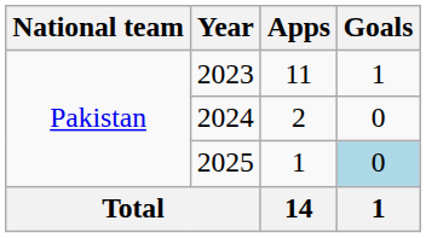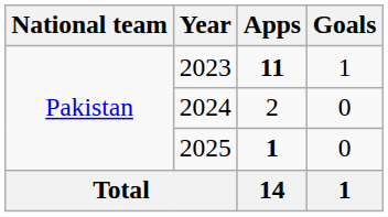 <table class="wikitable" style="text-align:center">
 <tr>
 <th>National team</th>
 <th>Year</th>
 <th>Apps</th>
 <th>Goals</th>
 </tr>
 <tr>
 <td rowspan="3"><a href='#'>Pakistan</a></td>
 <td>2023</td>
-<td>11</td>
+<td><strong>11</strong></td>
 <td>1</td>
 </tr>
 <tr>
 <td>2024</td>
 <td>2</td>
 <td>0</td>
 </tr>
 <tr>
 <td>2025</td>
-<td>1</td>
-<td style="background: lightblue;">0</td>
+<td><strong>1</strong></td>
+<td>0</td>
 </tr>
 <tr>
 <th colspan="2">Total</th>
 <th>14</th>
 <th>1</th>
 </tr>
 </table>
